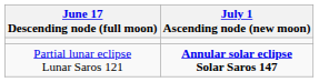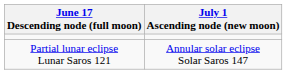 <table class="wikitable">
 <tr>
 <th><a href='#'>June 17</a><br>Descending node (full moon)<br></th>
 <th><a href='#'>July 1</a><br>Ascending node (new moon)<br></th>
 </tr>
 <tr>
 <td></td>
 <td></td>
 </tr>
 <tr align=center>
 <td><a href='#'>Partial lunar eclipse</a><br>Lunar Saros 121</td>
-<td><strong><a href='#'>Annular solar eclipse</a><br>Solar Saros 147</strong></td>
+<td><a href='#'>Annular solar eclipse</a><br>Solar Saros 147</td>
 </tr>
 </table>
